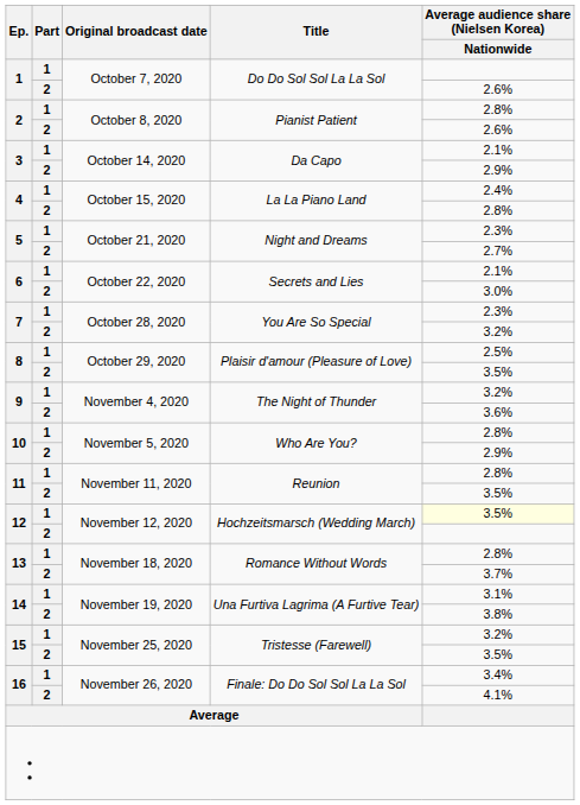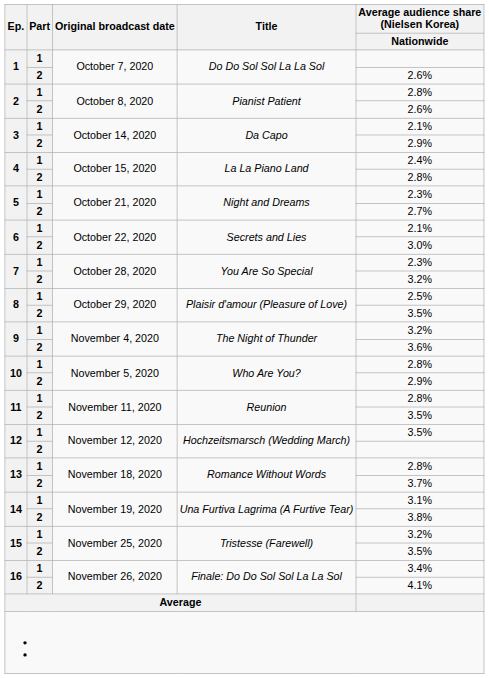 <table class="wikitable" style="text-align:center;max-width:850px; margin-left: auto; margin-right: auto; border: none;">
 <tr>
 </tr>
 <tr>
 <th rowspan="2">Ep.</th>
 <th rowspan="2">Part</th>
 <th rowspan="2">Original broadcast date</th>
 <th rowspan="2">Title</th>
 <th>Average audience share<br>(Nielsen Korea)</th>
 </tr>
 <tr>
 <th>Nationwide</th>
 </tr>
 <tr>
 <th rowspan="2">1</th>
 <th>1</th>
 <td rowspan="2">October 7, 2020</td>
 <td rowspan="2"><em>Do Do Sol Sol La La Sol</em></td>
 <td></td>
 </tr>
 <tr>
 <th>2</th>
 <td>2.6%</td>
 </tr>
 <tr>
 <th rowspan="2">2</th>
 <th>1</th>
 <td rowspan="2">October 8, 2020</td>
 <td rowspan="2"><em>Pianist Patient</em></td>
 <td>2.8%</td>
 </tr>
 <tr>
 <th>2</th>
 <td>2.6%</td>
 </tr>
 <tr>
 <th rowspan="2">3</th>
 <th>1</th>
 <td rowspan="2">October 14, 2020</td>
 <td rowspan="2"><em>Da Capo</em></td>
 <td>2.1%</td>
 </tr>
 <tr>
 <th>2</th>
 <td>2.9%</td>
 </tr>
 <tr>
 <th rowspan="2">4</th>
 <th>1</th>
 <td rowspan="2">October 15, 2020</td>
 <td rowspan="2"><em>La La Piano Land</em></td>
 <td>2.4%</td>
 </tr>
 <tr>
 <th>2</th>
 <td>2.8%</td>
 </tr>
 <tr>
 <th rowspan="2">5</th>
 <th>1</th>
 <td rowspan="2">October 21, 2020</td>
 <td rowspan="2"><em>Night and Dreams</em></td>
 <td>2.3%</td>
 </tr>
 <tr>
 <th>2</th>
 <td>2.7%</td>
 </tr>
 <tr>
 <th rowspan="2">6</th>
 <th>1</th>
 <td rowspan="2">October 22, 2020</td>
 <td rowspan="2"><em>Secrets and Lies</em></td>
 <td>2.1%</td>
 </tr>
 <tr>
 <th>2</th>
 <td>3.0%</td>
 </tr>
 <tr>
 <th rowspan="2">7</th>
 <th>1</th>
 <td rowspan="2">October 28, 2020</td>
 <td rowspan="2"><em>You Are So Special</em></td>
 <td>2.3%</td>
 </tr>
 <tr>
 <th>2</th>
 <td>3.2%</td>
 </tr>
 <tr>
 <th rowspan="2">8</th>
 <th>1</th>
 <td rowspan="2">October 29, 2020</td>
 <td rowspan="2"><em>Plaisir d'amour (Pleasure of Love)</em></td>
 <td>2.5%</td>
 </tr>
 <tr>
 <th>2</th>
 <td>3.5%</td>
 </tr>
 <tr>
 <th rowspan="2">9</th>
 <th>1</th>
 <td rowspan="2">November 4, 2020</td>
 <td rowspan="2"><em>The Night of Thunder</em></td>
 <td>3.2%</td>
 </tr>
 <tr>
 <th>2</th>
 <td>3.6%</td>
 </tr>
 <tr>
 <th rowspan="2">10</th>
 <th>1</th>
 <td rowspan="2">November 5, 2020</td>
 <td rowspan="2"><em>Who Are You?</em></td>
 <td>2.8%</td>
 </tr>
 <tr>
 <th>2</th>
 <td>2.9%</td>
 </tr>
 <tr>
 <th rowspan="2">11</th>
 <th>1</th>
 <td rowspan="2">November 11, 2020</td>
 <td rowspan="2"><em>Reunion</em></td>
 <td>2.8%</td>
 </tr>
 <tr>
 <th>2</th>
 <td>3.5%</td>
 </tr>
 <tr>
 <th rowspan="2">12</th>
 <th>1</th>
 <td rowspan="2">November 12, 2020</td>
 <td rowspan="2"><em>Hochzeitsmarsch (Wedding March)</em></td>
-<td style="background: lightyellow;">3.5%</td>
+<td>3.5%</td>
 </tr>
 <tr>
 <th>2</th>
 <td></td>
 </tr>
 <tr>
 <th rowspan="2">13</th>
 <th>1</th>
 <td rowspan="2">November 18, 2020</td>
 <td rowspan="2"><em>Romance Without Words</em></td>
 <td>2.8%</td>
 </tr>
 <tr>
 <th>2</th>
 <td>3.7%</td>
 </tr>
 <tr>
 <th rowspan="2">14</th>
 <th>1</th>
 <td rowspan="2">November 19, 2020</td>
 <td rowspan="2"><em>Una Furtiva Lagrima (A Furtive Tear)</em></td>
 <td>3.1%</td>
 </tr>
 <tr>
 <th>2</th>
 <td>3.8%</td>
 </tr>
 <tr>
 <th rowspan="2">15</th>
 <th>1</th>
 <td rowspan="2">November 25, 2020</td>
 <td rowspan="2"><em>Tristesse (Farewell)</em></td>
 <td>3.2%</td>
 </tr>
 <tr>
 <th>2</th>
 <td>3.5%</td>
 </tr>
 <tr>
 <th rowspan="2">16</th>
 <th>1</th>
 <td rowspan="2">November 26, 2020</td>
 <td rowspan="2"><em>Finale: Do Do Sol Sol La La Sol</em></td>
 <td>3.4%</td>
 </tr>
 <tr>
 <th>2</th>
 <td>4.1%</td>
 </tr>
 <tr>
 <th colspan="4">Average</th>
 <th></th>
 </tr>
 <tr>
 <td colspan="5"><br><ul><li></li><li></li></ul></td>
 </tr>
 </table>
